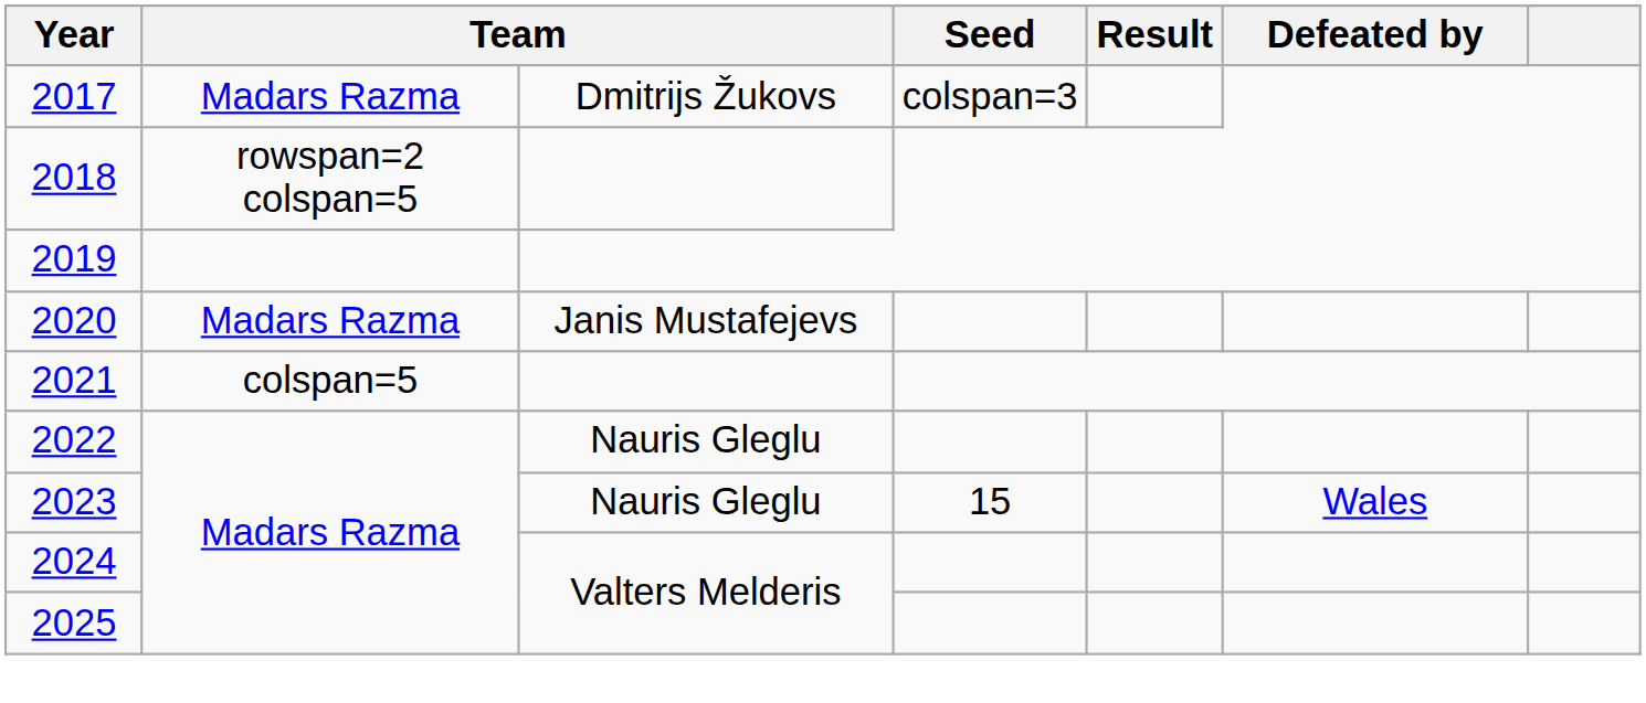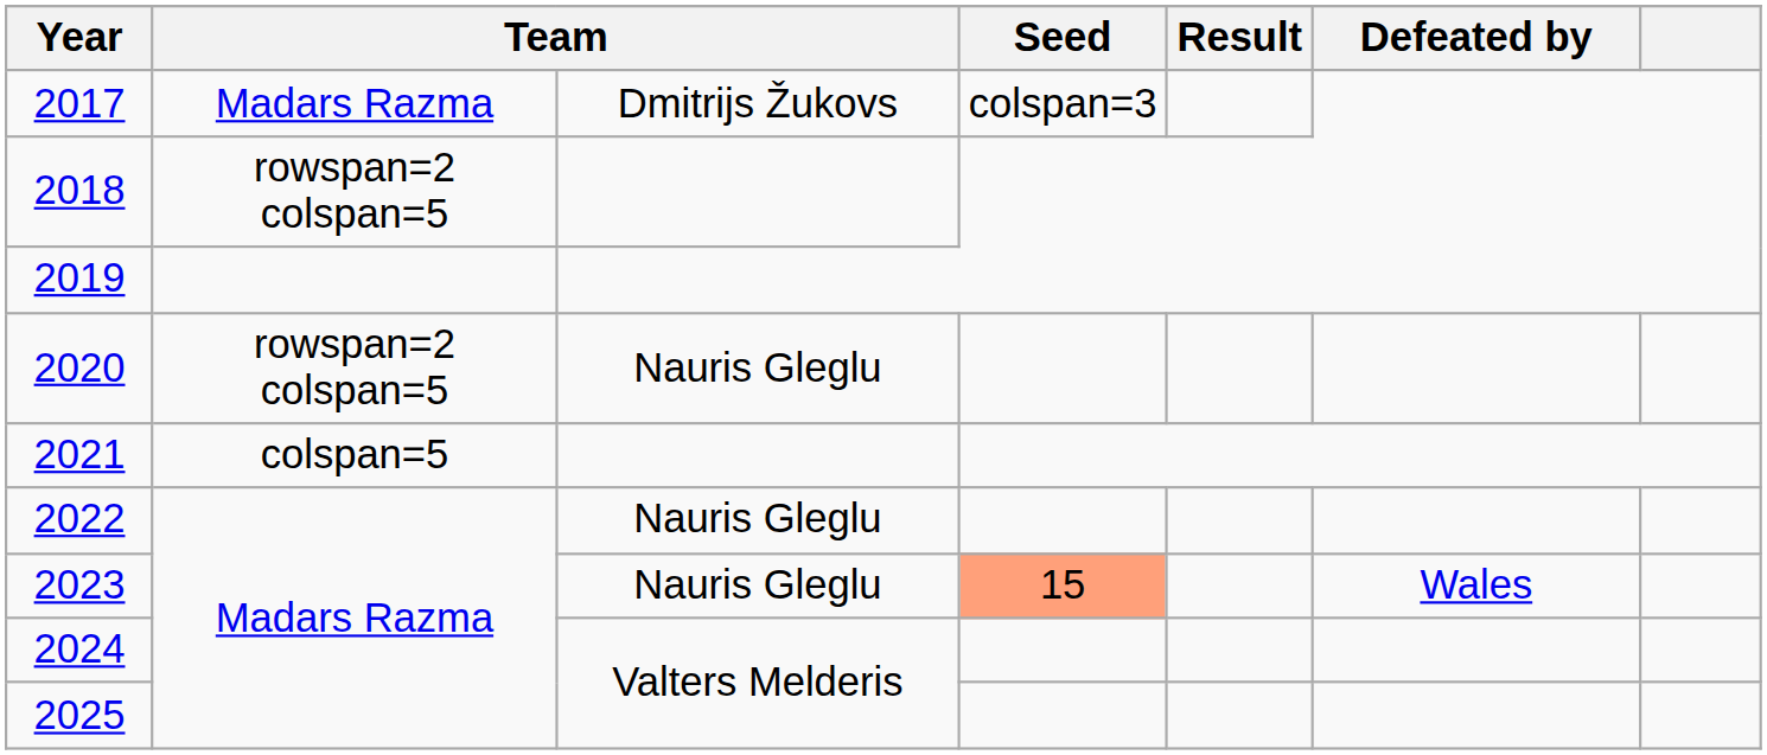 <table class="wikitable" style="text-align: center;">
 <tr style= "background: #e2e2e2;">
 </tr>
 <tr style="background: #efefef;">
 <th width=50px>Year</th>
 <th colspan="2">Team</th>
 <th width=50px>Seed</th>
 <th width=50px>Result</th>
 <th width=120px>Defeated by</th>
 <th width=40px></th>
 </tr>
 <tr>
 <td><a href='#'>2017</a></td>
 <td width=150px><a href='#'>Madars Razma</a></td>
 <td>Dmitrijs Žukovs</td>
 <td>colspan=3 </td>
 <td></td>
 </tr>
 <tr>
 <td><a href='#'>2018</a></td>
 <td>rowspan=2 colspan=5 </td>
 <td></td>
 </tr>
 <tr>
 <td><a href='#'>2019</a></td>
 <td></td>
 </tr>
 <tr>
 <td><a href='#'>2020</a></td>
-<td><a href='#'>Madars Razma</a></td>
-<td>Janis Mustafejevs</td>
+<td>rowspan=2 colspan=5 </td>
+<td>Nauris Gleglu</td>
 <td></td>
 <td></td>
 <td> </td>
 <td></td>
 </tr>
 <tr>
 <td><a href='#'>2021</a></td>
 <td>colspan=5 </td>
 <td></td>
 </tr>
 <tr>
 <td><a href='#'>2022</a></td>
 <td rowspan=4><a href='#'>Madars Razma</a></td>
 <td>Nauris Gleglu</td>
 <td></td>
 <td></td>
 <td> </td>
 <td></td>
 </tr>
 <tr>
 <td><a href='#'>2023</a></td>
 <td width=150px>Nauris Gleglu</td>
-<td>15</td>
+<td style="background: lightsalmon;">15</td>
 <td></td>
 <td> <a href='#'>Wales</a></td>
 <td></td>
 </tr>
 <tr>
 <td><a href='#'>2024</a></td>
 <td rowspan=2>Valters Melderis</td>
 <td></td>
 <td></td>
 <td> </td>
 <td></td>
 </tr>
 <tr>
 <td><a href='#'>2025</a></td>
 <td></td>
 <td></td>
 <td></td>
 <td></td>
 </tr>
 </table>
